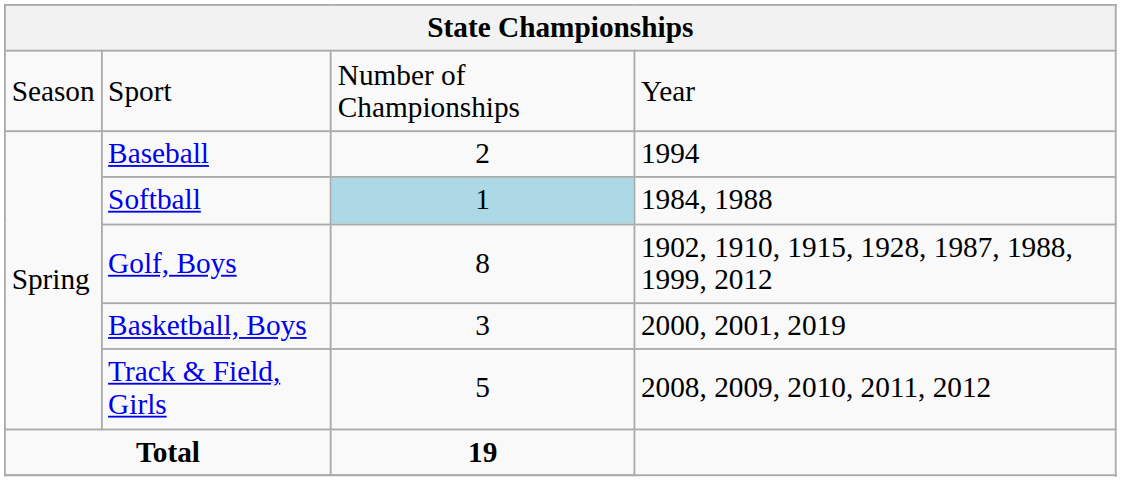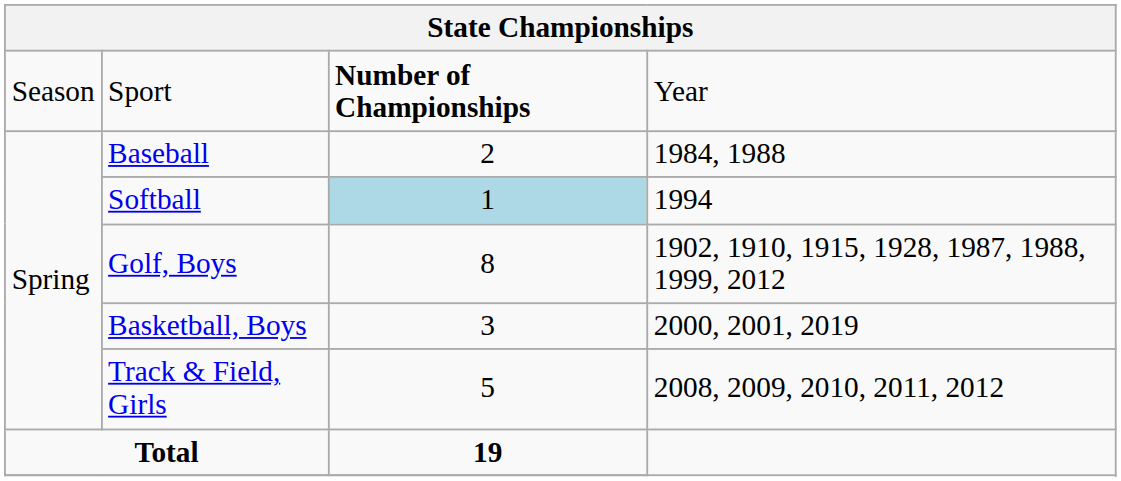 <table class="wikitable">
 <tr>
 <th colspan="4">State Championships</th>
 </tr>
 <tr>
 <td>Season</td>
 <td>Sport</td>
-<td>Number of Championships</td>
+<td><strong>Number of Championships</strong></td>
 <td>Year</td>
 </tr>
 <tr>
 <td rowspan="5">Spring</td>
 <td><a href='#'>Baseball</a></td>
 <td align="center">2</td>
-<td>1994</td>
+<td>1984, 1988</td>
 </tr>
 <tr>
 <td><a href='#'>Softball</a></td>
 <td align="center" style="background: lightblue;">1</td>
-<td>1984, 1988</td>
+<td>1994</td>
 </tr>
 <tr>
 <td><a href='#'>Golf, Boys</a></td>
 <td align="center">8</td>
 <td>1902, 1910, 1915, 1928, 1987, 1988, 1999, 2012</td>
 </tr>
 <tr>
 <td><a href='#'>Basketball, Boys</a></td>
 <td align="center">3</td>
 <td>2000, 2001, 2019</td>
 </tr>
 <tr>
 <td><a href='#'>Track & Field, Girls</a></td>
 <td align="center">5</td>
 <td>2008, 2009, 2010, 2011, 2012</td>
 </tr>
 <tr>
 <td align="center" colspan="2"><strong>Total</strong></td>
 <td align="center"><strong>19</strong></td>
 </tr>
 <tr>
 </tr>
 </table>
